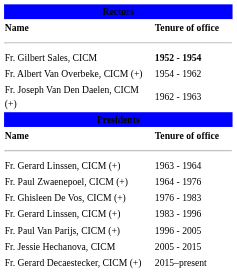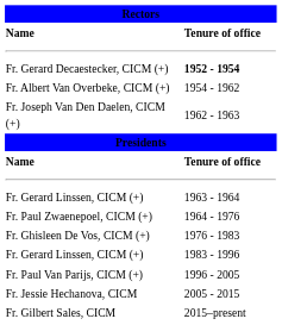 <table class="toccolours" style="float:right; margin-left:1em; font-size:90%; line-height:1.4em; width:345px;">
 <tr>
 <th colspan="2" style="text-align: center;background-color:#0000ff"><span><strong>Rectors</strong></span></th>
 </tr>
 <tr>
 <td scope="col" width="220"><strong>Name</strong></td>
 <td><strong>Tenure of office</strong></td>
 </tr>
 <tr>
 <td colspan="2"><hr></td>
 </tr>
 <tr>
-<td>Fr. Gilbert Sales, CICM</td>
+<td>Fr. Gerard Decaestecker, CICM (+)</td>
 <td><strong>1952 - 1954</strong></td>
 </tr>
 <tr>
 <td>Fr. Albert Van Overbeke, CICM (+)</td>
 <td>1954 - 1962</td>
 </tr>
 <tr>
 <td>Fr. Joseph Van Den Daelen, CICM (+)</td>
 <td>1962 - 1963</td>
 </tr>
 <tr>
 <th colspan="2" style="text-align: center;background-color:#0000ff"><span><strong>Presidents</strong></span></th>
 </tr>
 <tr>
 <td scope="col" width="220"><strong>Name</strong></td>
 <td><strong>Tenure of office</strong></td>
 </tr>
 <tr>
 <th colspan="2"><hr></th>
 </tr>
 <tr>
 <td>Fr. Gerard Linssen, CICM (+)</td>
 <td>1963 - 1964</td>
 </tr>
 <tr>
 <td>Fr. Paul Zwaenepoel, CICM (+)</td>
 <td>1964 - 1976</td>
 </tr>
 <tr>
 <td>Fr. Ghisleen De Vos, CICM (+)</td>
 <td>1976 - 1983</td>
 </tr>
 <tr>
 <td>Fr. Gerard Linssen, CICM (+)</td>
 <td>1983 - 1996</td>
 </tr>
 <tr>
 <td>Fr. Paul Van Parijs, CICM (+)</td>
 <td>1996 - 2005</td>
 </tr>
 <tr>
 <td>Fr. Jessie Hechanova, CICM</td>
 <td>2005 - 2015</td>
 </tr>
 <tr>
-<td>Fr. Gerard Decaestecker, CICM (+)</td>
+<td>Fr. Gilbert Sales, CICM</td>
 <td>2015–present</td>
 </tr>
 <tr>
 </tr>
 </table>
